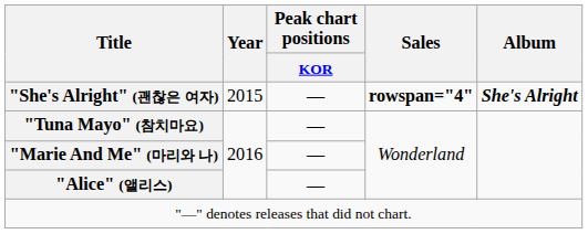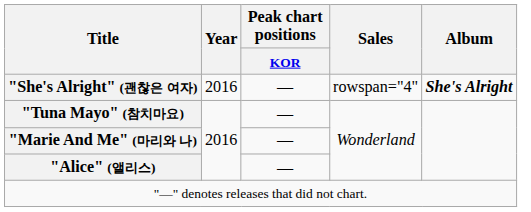 <table class="wikitable plainrowheaders" style="text-align:center;" border="1">
 <tr>
 <th scope="col" rowspan="2">Title</th>
 <th scope="col" rowspan="2">Year</th>
 <th scope="col" colspan="1" style="width:5em;">Peak chart positions</th>
 <th scope="col" rowspan="2">Sales</th>
 <th scope="col" rowspan="2">Album</th>
 </tr>
 <tr>
 <th><small><a href='#'>KOR</a></small><br></th>
 </tr>
 <tr>
 <th scope="row">"She's Alright" <small>(괜찮은 여자)</small></th>
-<td>2015</td>
+<td>2016</td>
 <td>—</td>
-<td><strong>rowspan="4" </strong></td>
+<td>rowspan="4" </td>
 <td><strong><em>She's Alright</em></strong></td>
 </tr>
 <tr>
 <th scope="row">"Tuna Mayo" <small>(참치마요)</small></th>
 <td rowspan="3">2016</td>
 <td>—</td>
 <td rowspan="3"><em>Wonderland</em></td>
 </tr>
 <tr>
 <th scope="row">"Marie And Me" <small>(마리와 나)</small></th>
 <td>—</td>
 </tr>
 <tr>
 <th scope="row">"Alice" <small>(앨리스)</small></th>
 <td>—</td>
 </tr>
 <tr>
 <td colspan="5" align="center"><small>"—" denotes releases that did not chart.</small></td>
 </tr>
 </table>
